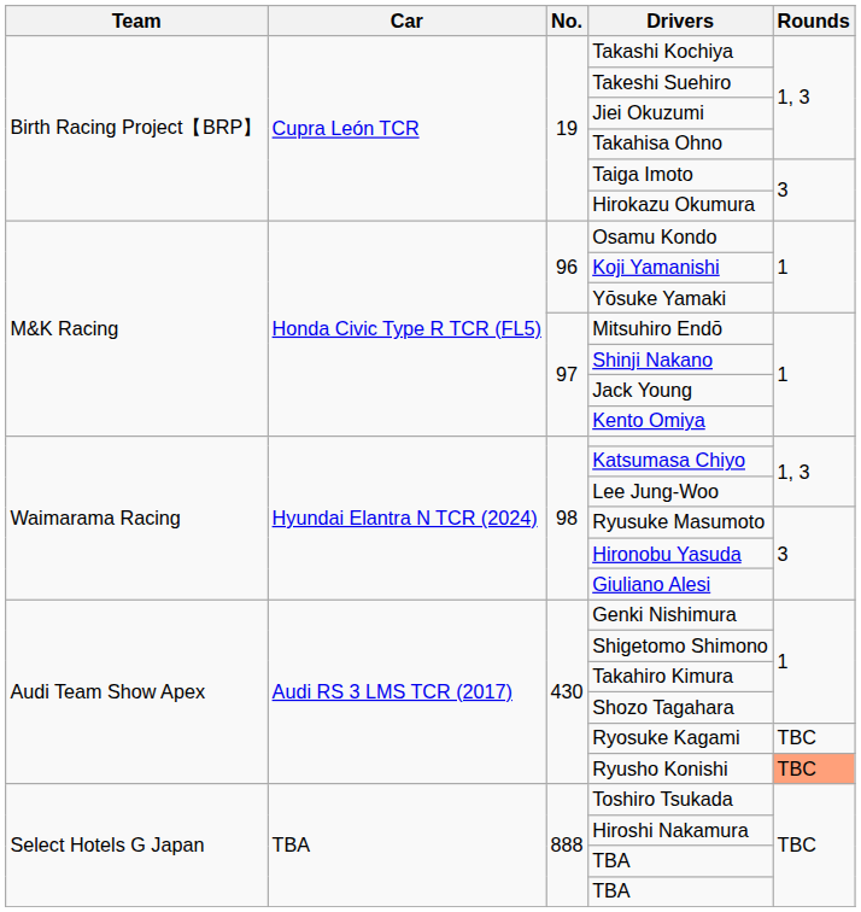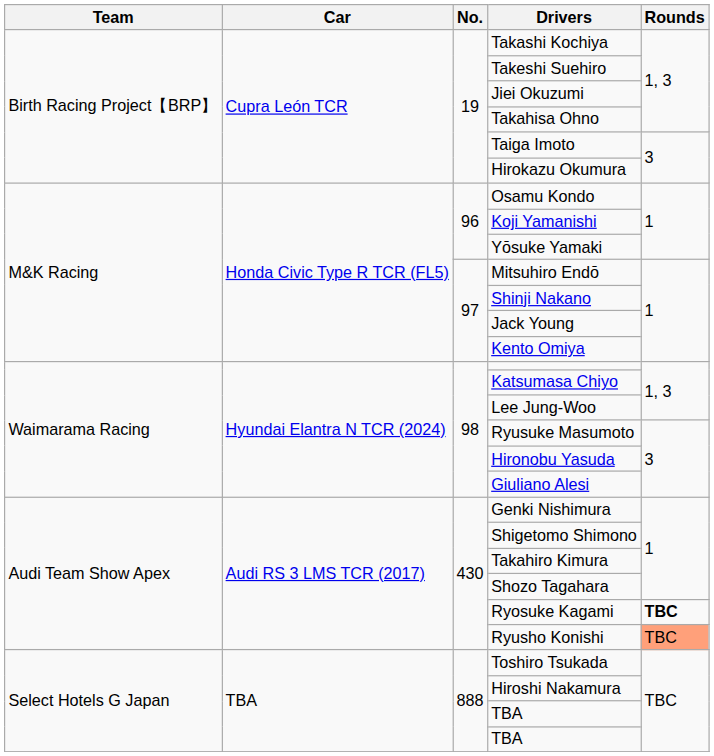 <table class="wikitable" style="font-size: 85%">
 <tr>
 <th>Team</th>
 <th>Car</th>
 <th>No.</th>
 <th>Drivers</th>
 <th>Rounds</th>
 </tr>
 <tr>
 <td rowspan="6"> Birth Racing Project【BRP】</td>
 <td rowspan="6"><a href='#'>Cupra León TCR</a></td>
 <td align="center" rowspan="6">19</td>
 <td> Takashi Kochiya</td>
 <td rowspan="4">1, 3</td>
 </tr>
 <tr>
 <td> Takeshi Suehiro</td>
 </tr>
 <tr>
 <td> Jiei Okuzumi</td>
 </tr>
 <tr>
 <td> Takahisa Ohno</td>
 </tr>
 <tr>
 <td> Taiga Imoto</td>
 <td rowspan="2">3</td>
 </tr>
 <tr>
 <td> Hirokazu Okumura</td>
 </tr>
 <tr>
 <td rowspan="7"> M&K Racing</td>
 <td rowspan="7"><a href='#'>Honda Civic Type R TCR (FL5)</a></td>
 <td align="center" rowspan="3">96</td>
 <td> Osamu Kondo</td>
 <td rowspan="3">1</td>
 </tr>
 <tr>
 <td> <a href='#'>Koji Yamanishi</a></td>
 </tr>
 <tr>
 <td> Yōsuke Yamaki</td>
 </tr>
 <tr>
 <td align="center" rowspan="4">97</td>
 <td> Mitsuhiro Endō</td>
 <td rowspan="4">1</td>
 </tr>
 <tr>
 <td> <a href='#'>Shinji Nakano</a></td>
 </tr>
 <tr>
 <td> Jack Young</td>
 </tr>
 <tr>
 <td> <a href='#'>Kento Omiya</a></td>
 </tr>
 <tr>
 <td rowspan="6"> Waimarama Racing</td>
 <td rowspan="6"><a href='#'>Hyundai Elantra N TCR (2024)</a></td>
 <td align="center" rowspan="6">98</td>
 <td> </td>
 <td rowspan="3">1, 3</td>
 </tr>
 <tr>
 <td> <a href='#'>Katsumasa Chiyo</a></td>
 </tr>
 <tr>
 <td> Lee Jung-Woo</td>
 </tr>
 <tr>
 <td> Ryusuke Masumoto</td>
 <td rowspan="3">3</td>
 </tr>
 <tr>
 <td> <a href='#'>Hironobu Yasuda</a></td>
 </tr>
 <tr>
 <td> <a href='#'>Giuliano Alesi</a></td>
 </tr>
 <tr>
 <td rowspan="6"> Audi Team Show Apex</td>
 <td rowspan="6"><a href='#'>Audi RS 3 LMS TCR (2017)</a></td>
 <td align="center" rowspan="6">430</td>
 <td> Genki Nishimura</td>
 <td rowspan="4">1</td>
 </tr>
 <tr>
 <td> Shigetomo Shimono</td>
 </tr>
 <tr>
 <td> Takahiro Kimura</td>
 </tr>
 <tr>
 <td> Shozo Tagahara</td>
 </tr>
 <tr>
 <td> Ryosuke Kagami</td>
-<td>TBC</td>
+<td><strong>TBC</strong></td>
 </tr>
 <tr>
 <td> Ryusho Konishi</td>
 <td style="background: lightsalmon;">TBC</td>
 </tr>
 <tr>
 <td rowspan="4"> Select Hotels G Japan</td>
 <td rowspan="4">TBA</td>
 <td align="center" rowspan="4">888</td>
 <td> Toshiro Tsukada</td>
 <td rowspan="4">TBC</td>
 </tr>
 <tr>
 <td> Hiroshi Nakamura</td>
 </tr>
 <tr>
 <td> TBA</td>
 </tr>
 <tr>
 <td> TBA</td>
 </tr>
 <tr>
 </tr>
 </table>
